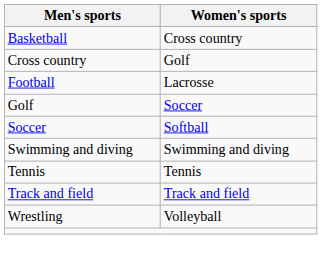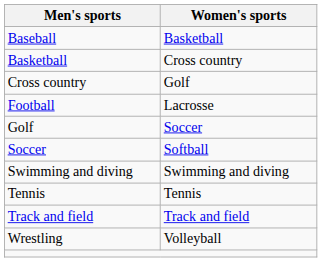 <table class="wikitable" style=" ">
 <tr>
 <th width=170px>Men's sports</th>
 <th width=170px>Women's sports</th>
+</tr>
+<tr>
+<td><a href='#'>Baseball</a></td>
+<td><a href='#'>Basketball</a></td>
 </tr>
 <tr>
 <td><a href='#'>Basketball</a></td>
 <td>Cross country</td>
 </tr>
 <tr>
 <td>Cross country</td>
 <td>Golf</td>
 </tr>
 <tr>
 <td><a href='#'>Football</a></td>
 <td>Lacrosse</td>
 </tr>
 <tr>
 <td>Golf</td>
 <td><a href='#'>Soccer</a></td>
 </tr>
 <tr>
 <td><a href='#'>Soccer</a></td>
 <td><a href='#'>Softball</a></td>
 </tr>
 <tr>
 <td>Swimming and diving</td>
 <td>Swimming and diving</td>
 </tr>
 <tr>
 <td>Tennis</td>
 <td>Tennis</td>
 </tr>
 <tr>
 <td><a href='#'>Track and field</a></td>
 <td><a href='#'>Track and field</a></td>
 </tr>
 <tr>
 <td>Wrestling</td>
 <td>Volleyball</td>
 </tr>
 <tr>
 <td colspan=2></td>
 </tr>
 </table>
